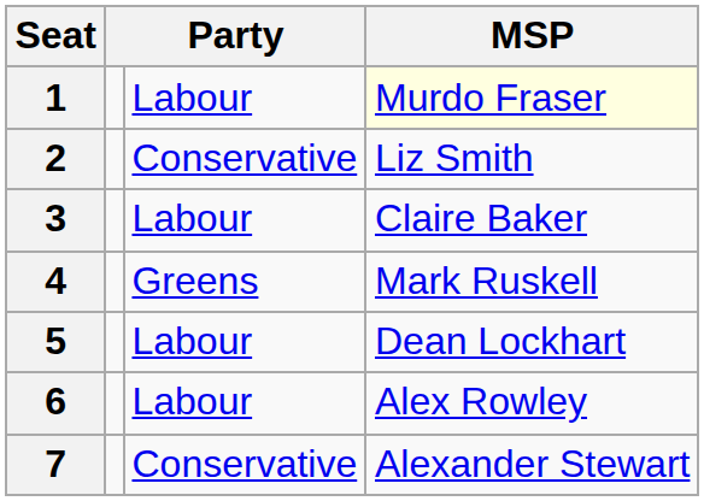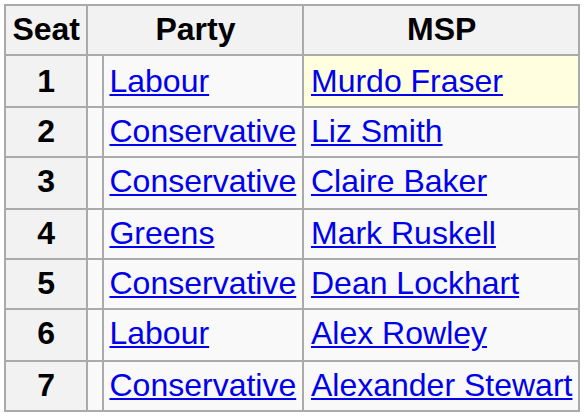 <table class="wikitable sortable">
 <tr>
 <th>Seat</th>
 <th colspan=2>Party</th>
 <th>MSP</th>
 </tr>
 <tr>
 <th>1</th>
 <td style="color:inherit;background:"></td>
 <td><a href='#'>Labour</a></td>
 <td style="background: lightyellow;"><a href='#'>Murdo Fraser</a></td>
 </tr>
 <tr>
 <th>2</th>
 <td style="color:inherit;background:"></td>
 <td><a href='#'>Conservative</a></td>
 <td><a href='#'>Liz Smith</a></td>
 </tr>
 <tr>
 <th>3</th>
 <td style="color:inherit;background:"></td>
-<td><a href='#'>Labour</a></td>
+<td><a href='#'>Conservative</a></td>
 <td><a href='#'>Claire Baker</a></td>
 </tr>
 <tr>
 <th>4</th>
 <td style="color:inherit;background:"></td>
 <td><a href='#'>Greens</a></td>
 <td><a href='#'>Mark Ruskell</a></td>
 </tr>
 <tr>
 <th>5</th>
 <td style="color:inherit;background:"></td>
-<td><a href='#'>Labour</a></td>
+<td><a href='#'>Conservative</a></td>
 <td><a href='#'>Dean Lockhart</a></td>
 </tr>
 <tr>
 <th>6</th>
 <td style="color:inherit;background:"></td>
 <td><a href='#'>Labour</a></td>
 <td><a href='#'>Alex Rowley</a></td>
 </tr>
 <tr>
 <th>7</th>
 <td style="color:inherit;background:"></td>
 <td><a href='#'>Conservative</a></td>
 <td><a href='#'>Alexander Stewart</a></td>
 </tr>
 </table>
